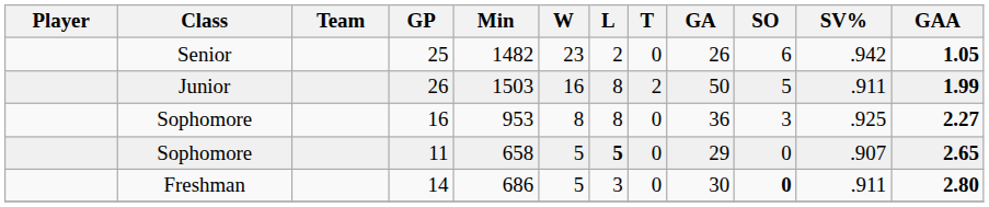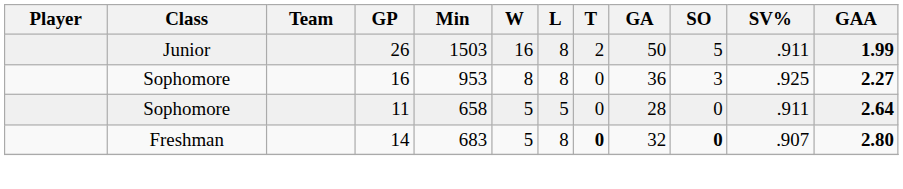 <table class="wikitable sortable" style="text-align: center; "width=60%">
 <tr>
 <th>Player</th>
 <th>Class</th>
 <th>Team</th>
 <th>GP</th>
 <th>Min</th>
 <th>W</th>
 <th>L</th>
 <th>T</th>
 <th>GA</th>
 <th>SO</th>
 <th>SV%</th>
 <th>GAA</th>
-</tr>
-<tr>
-<td align=left></td>
-<td>Senior</td>
-<td><strong><a href='#'></a></strong></td>
-<td align=right>25</td>
-<td align=right>1482</td>
-<td align=right>23</td>
-<td align=right>2</td>
-<td align=right>0</td>
-<td align=right>26</td>
-<td align=right>6</td>
-<td align=right>.942</td>
-<td align=right><strong>1.05</strong></td>
 </tr>
 <tr bgcolor=f0f0f0>
 <td align=left></td>
 <td>Junior</td>
 <td><strong><a href='#'></a></strong></td>
 <td align=right>26</td>
 <td align=right>1503</td>
 <td align=right>16</td>
 <td align=right>8</td>
 <td align=right>2</td>
 <td align=right>50</td>
 <td align=right>5</td>
 <td align=right>.911</td>
 <td align=right><strong>1.99</strong></td>
 </tr>
 <tr>
 <td align=left></td>
 <td>Sophomore</td>
 <td><strong><a href='#'></a></strong></td>
 <td align=right>16</td>
 <td align=right>953</td>
 <td align=right>8</td>
 <td align=right>8</td>
 <td align=right>0</td>
 <td align=right>36</td>
 <td align=right>3</td>
 <td align=right>.925</td>
 <td align=right><strong>2.27</strong></td>
 </tr>
 <tr bgcolor=f0f0f0>
 <td align=left></td>
 <td>Sophomore</td>
 <td><strong><a href='#'></a></strong></td>
 <td align=right>11</td>
 <td align=right>658</td>
 <td align=right>5</td>
-<td align=right><strong>5</strong></td>
+<td align=right>5</td>
 <td align=right>0</td>
-<td align=right>29</td>
+<td align=right>28</td>
 <td align=right>0</td>
-<td align=right>.907</td>
-<td align=right><strong>2.65</strong></td>
+<td align=right>.911</td>
+<td align=right><strong>2.64</strong></td>
 </tr>
 <tr>
 <td align=left></td>
 <td>Freshman</td>
 <td><strong><a href='#'></a></strong></td>
 <td align=right>14</td>
-<td align=right>686</td>
+<td align=right>683</td>
 <td align=right>5</td>
-<td align=right>3</td>
-<td align=right>0</td>
-<td align=right>30</td>
+<td align=right>8</td>
 <td align=right><strong>0</strong></td>
-<td align=right>.911</td>
+<td align=right>32</td>
+<td align=right><strong>0</strong></td>
+<td align=right>.907</td>
 <td align=right><strong>2.80</strong></td>
 </tr>
 <tr>
 </tr>
 </table>
